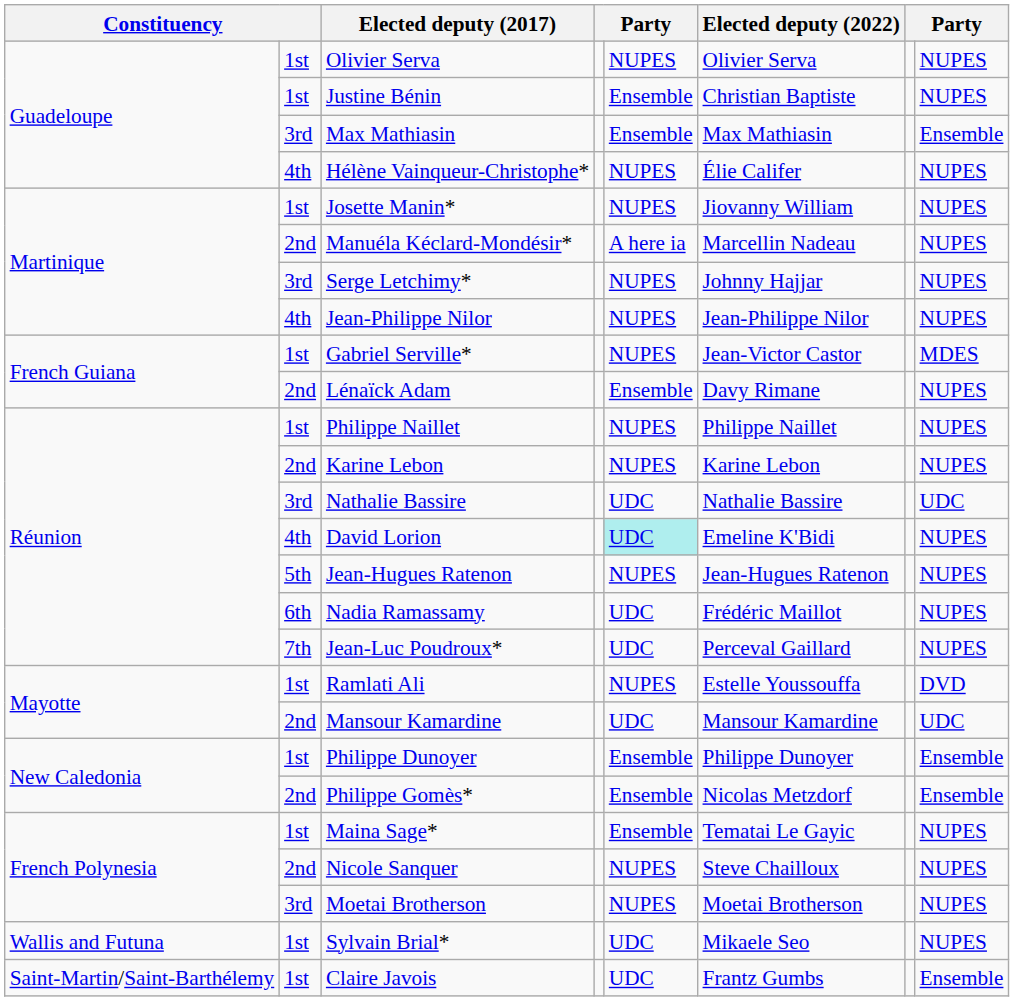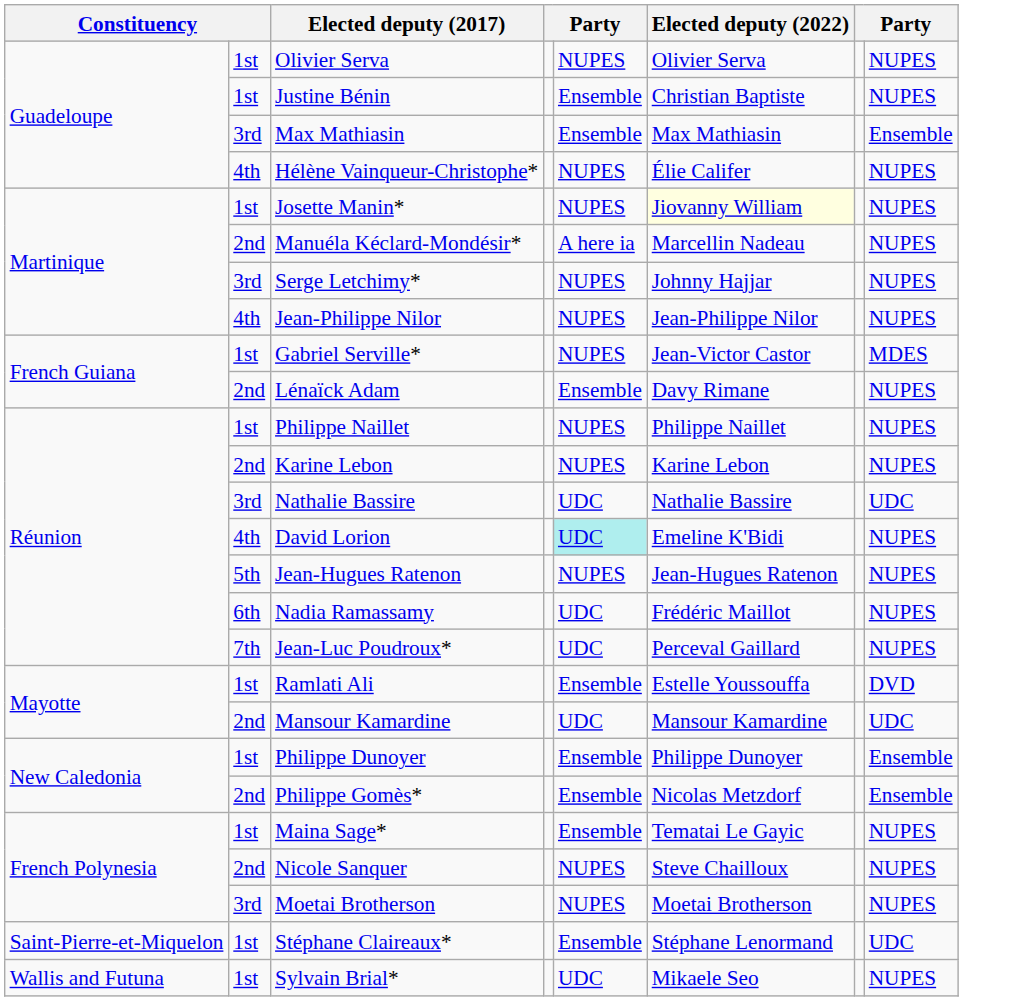 <table class="wikitable sortable collapsible" style="font-size:95%; line-height:126%; margin-bottom:0">
 <tr>
 <th colspan="2" class="unsortable"><a href='#'>Constituency</a></th>
 <th class="unsortable">Elected deputy (2017)</th>
 <th colspan="2">Party</th>
 <th class="unsortable">Elected deputy (2022)</th>
 <th colspan="2">Party</th>
 </tr>
 <tr>
 <td rowspan="4"><a href='#'>Guadeloupe</a></td>
 <td><a href='#'>1st</a></td>
 <td><a href='#'>Olivier Serva</a></td>
 <td style="background:"></td>
 <td><a href='#'>NUPES</a></td>
 <td><a href='#'>Olivier Serva</a></td>
 <td style="background:"></td>
 <td><a href='#'>NUPES</a></td>
 </tr>
 <tr>
 <td><a href='#'>1st</a></td>
 <td><a href='#'>Justine Bénin</a></td>
 <td style="background:"></td>
 <td><a href='#'>Ensemble</a></td>
 <td><a href='#'>Christian Baptiste</a></td>
 <td style="background:"></td>
 <td><a href='#'>NUPES</a></td>
 </tr>
 <tr>
 <td><a href='#'>3rd</a></td>
 <td><a href='#'>Max Mathiasin</a></td>
 <td style="background:"></td>
 <td><a href='#'>Ensemble</a></td>
 <td><a href='#'>Max Mathiasin</a></td>
 <td style="background:"></td>
 <td><a href='#'>Ensemble</a></td>
 </tr>
 <tr>
 <td><a href='#'>4th</a></td>
 <td><a href='#'>Hélène Vainqueur-Christophe</a>*</td>
 <td style="background:"></td>
 <td><a href='#'>NUPES</a></td>
 <td><a href='#'>Élie Califer</a></td>
 <td style="background:"></td>
 <td><a href='#'>NUPES</a></td>
 </tr>
 <tr>
 <td rowspan="4"><a href='#'>Martinique</a></td>
 <td><a href='#'>1st</a></td>
 <td><a href='#'>Josette Manin</a>*</td>
 <td style="background:"></td>
 <td><a href='#'>NUPES</a></td>
-<td><a href='#'>Jiovanny William</a></td>
+<td style="background: lightyellow;"><a href='#'>Jiovanny William</a></td>
 <td style="background:"></td>
 <td><a href='#'>NUPES</a></td>
 </tr>
 <tr>
 <td><a href='#'>2nd</a></td>
 <td><a href='#'>Manuéla Kéclard-Mondésir</a>*</td>
 <td style="background:"></td>
 <td><a href='#'>A here ia</a></td>
 <td><a href='#'>Marcellin Nadeau</a></td>
 <td style="background:"></td>
 <td><a href='#'>NUPES</a></td>
 </tr>
 <tr>
 <td><a href='#'>3rd</a></td>
 <td><a href='#'>Serge Letchimy</a>*</td>
 <td style="background:"></td>
 <td><a href='#'>NUPES</a></td>
 <td><a href='#'>Johnny Hajjar</a></td>
 <td style="background:"></td>
 <td><a href='#'>NUPES</a></td>
 </tr>
 <tr>
 <td><a href='#'>4th</a></td>
 <td><a href='#'>Jean-Philippe Nilor</a></td>
 <td style="background:"></td>
 <td><a href='#'>NUPES</a></td>
 <td><a href='#'>Jean-Philippe Nilor</a></td>
 <td style="background:"></td>
 <td><a href='#'>NUPES</a></td>
 </tr>
 <tr>
 <td rowspan="2"><a href='#'>French Guiana</a></td>
 <td><a href='#'>1st</a></td>
 <td><a href='#'>Gabriel Serville</a>*</td>
 <td style="background:"></td>
 <td><a href='#'>NUPES</a></td>
 <td><a href='#'>Jean-Victor Castor</a></td>
 <td style="background:"></td>
 <td><a href='#'>MDES</a></td>
 </tr>
 <tr>
 <td><a href='#'>2nd</a></td>
 <td><a href='#'>Lénaïck Adam</a></td>
 <td style="background:"></td>
 <td><a href='#'>Ensemble</a></td>
 <td><a href='#'>Davy Rimane</a></td>
 <td style="background:"></td>
 <td><a href='#'>NUPES</a></td>
 </tr>
 <tr>
 <td rowspan="7"><a href='#'>Réunion</a></td>
 <td><a href='#'>1st</a></td>
 <td><a href='#'>Philippe Naillet</a></td>
 <td style="background:"></td>
 <td><a href='#'>NUPES</a></td>
 <td><a href='#'>Philippe Naillet</a></td>
 <td style="background:"></td>
 <td><a href='#'>NUPES</a></td>
 </tr>
 <tr>
 <td><a href='#'>2nd</a></td>
 <td><a href='#'>Karine Lebon</a></td>
 <td style="background:"></td>
 <td><a href='#'>NUPES</a></td>
 <td><a href='#'>Karine Lebon</a></td>
 <td style="background:"></td>
 <td><a href='#'>NUPES</a></td>
 </tr>
 <tr>
 <td><a href='#'>3rd</a></td>
 <td><a href='#'>Nathalie Bassire</a></td>
 <td style="background:"></td>
 <td><a href='#'>UDC</a></td>
 <td><a href='#'>Nathalie Bassire</a></td>
 <td style="background:"></td>
 <td><a href='#'>UDC</a></td>
 </tr>
 <tr>
 <td><a href='#'>4th</a></td>
 <td><a href='#'>David Lorion</a></td>
 <td style="background:"></td>
 <td style="background: paleturquoise;"><a href='#'>UDC</a></td>
 <td><a href='#'>Emeline K'Bidi</a></td>
 <td style="background:"></td>
 <td><a href='#'>NUPES</a></td>
 </tr>
 <tr>
 <td><a href='#'>5th</a></td>
 <td><a href='#'>Jean-Hugues Ratenon</a></td>
 <td style="background:"></td>
 <td><a href='#'>NUPES</a></td>
 <td><a href='#'>Jean-Hugues Ratenon</a></td>
 <td style="background:"></td>
 <td><a href='#'>NUPES</a></td>
 </tr>
 <tr>
 <td><a href='#'>6th</a></td>
 <td><a href='#'>Nadia Ramassamy</a></td>
 <td style="background:"></td>
 <td><a href='#'>UDC</a></td>
 <td><a href='#'>Frédéric Maillot</a></td>
 <td style="background:"></td>
 <td><a href='#'>NUPES</a></td>
 </tr>
 <tr>
 <td><a href='#'>7th</a></td>
 <td><a href='#'>Jean-Luc Poudroux</a>*</td>
 <td style="background:"></td>
 <td><a href='#'>UDC</a></td>
 <td><a href='#'>Perceval Gaillard</a></td>
 <td style="background:"></td>
 <td><a href='#'>NUPES</a></td>
 </tr>
 <tr>
 <td rowspan="2"><a href='#'>Mayotte</a></td>
 <td><a href='#'>1st</a></td>
 <td><a href='#'>Ramlati Ali</a></td>
 <td style="background:"></td>
-<td><a href='#'>NUPES</a></td>
+<td><a href='#'>Ensemble</a></td>
 <td><a href='#'>Estelle Youssouffa</a></td>
 <td style="background:"></td>
 <td><a href='#'>DVD</a></td>
 </tr>
 <tr>
 <td><a href='#'>2nd</a></td>
 <td><a href='#'>Mansour Kamardine</a></td>
 <td style="background:"></td>
 <td><a href='#'>UDC</a></td>
 <td><a href='#'>Mansour Kamardine</a></td>
 <td style="background:"></td>
 <td><a href='#'>UDC</a></td>
 </tr>
 <tr>
 <td rowspan="2"><a href='#'>New Caledonia</a></td>
 <td><a href='#'>1st</a></td>
 <td><a href='#'>Philippe Dunoyer</a></td>
 <td style="background:"></td>
 <td><a href='#'>Ensemble</a></td>
 <td><a href='#'>Philippe Dunoyer</a></td>
 <td style="background:"></td>
 <td><a href='#'>Ensemble</a></td>
 </tr>
 <tr>
 <td><a href='#'>2nd</a></td>
 <td><a href='#'>Philippe Gomès</a>*</td>
 <td style="background:"></td>
 <td><a href='#'>Ensemble</a></td>
 <td><a href='#'>Nicolas Metzdorf</a></td>
 <td style="background:"></td>
 <td><a href='#'>Ensemble</a></td>
 </tr>
 <tr>
 <td rowspan="3"><a href='#'>French Polynesia</a></td>
 <td><a href='#'>1st</a></td>
 <td><a href='#'>Maina Sage</a>*</td>
 <td style="background:"></td>
 <td><a href='#'>Ensemble</a></td>
 <td><a href='#'>Tematai Le Gayic</a></td>
 <td style="background:"></td>
 <td><a href='#'>NUPES</a></td>
 </tr>
 <tr>
 <td><a href='#'>2nd</a></td>
 <td><a href='#'>Nicole Sanquer</a></td>
 <td style="background:"></td>
 <td><a href='#'>NUPES</a></td>
 <td><a href='#'>Steve Chailloux</a></td>
 <td style="background:"></td>
 <td><a href='#'>NUPES</a></td>
 </tr>
 <tr>
 <td><a href='#'>3rd</a></td>
 <td><a href='#'>Moetai Brotherson</a></td>
 <td style="background:"></td>
 <td><a href='#'>NUPES</a></td>
 <td><a href='#'>Moetai Brotherson</a></td>
 <td style="background:"></td>
 <td><a href='#'>NUPES</a></td>
 </tr>
 <tr>
+<td><a href='#'>Saint-Pierre-et-Miquelon</a></td>
+<td><a href='#'>1st</a></td>
+<td><a href='#'>Stéphane Claireaux</a>*</td>
+<td style="background:"></td>
+<td><a href='#'>Ensemble</a></td>
+<td><a href='#'>Stéphane Lenormand</a></td>
+<td style="background:"></td>
+<td><a href='#'>UDC</a></td>
+</tr>
+<tr>
 <td><a href='#'>Wallis and Futuna</a></td>
 <td><a href='#'>1st</a></td>
 <td><a href='#'>Sylvain Brial</a>*</td>
 <td style="background:"></td>
 <td><a href='#'>UDC</a></td>
 <td><a href='#'>Mikaele Seo</a></td>
 <td style="background:"></td>
 <td><a href='#'>NUPES</a></td>
 </tr>
-<tr>
-<td><a href='#'>Saint-Martin</a>/<a href='#'>Saint-Barthélemy</a></td>
-<td><a href='#'>1st</a></td>
-<td><a href='#'>Claire Javois</a></td>
-<td style="background:"></td>
-<td><a href='#'>UDC</a></td>
-<td><a href='#'>Frantz Gumbs</a></td>
-<td style="background:"></td>
-<td><a href='#'>Ensemble</a></td>
-</tr>
 </table>
